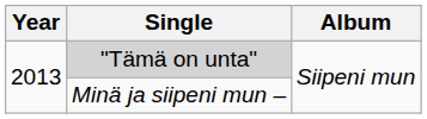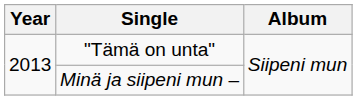 <table class="wikitable" style="text-align:center;">
 <tr>
 <th>Year</th>
 <th>Single</th>
 <th>Album</th>
 </tr>
 <tr>
 <td rowspan="2">2013</td>
-<td style="background: lightgrey;">"Tämä on unta"</td>
+<td>"Tämä on unta"</td>
 <td rowspan="2"><em>Siipeni mun</em></td>
 </tr>
 <tr>
 <td><em>Minä ja siipeni mun</em> –</td>
 </tr>
 </table>
